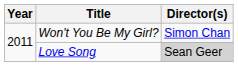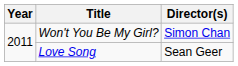 <table class="wikitable">
 <tr>
 <th>Year</th>
 <th>Title</th>
 <th>Director(s)</th>
 </tr>
 <tr>
 <td rowspan="2">2011</td>
 <td><em>Won't You Be My Girl?</em></td>
 <td><a href='#'>Simon Chan</a></td>
 </tr>
 <tr>
 <td><em><a href='#'>Love Song</a></em></td>
-<td style="background: lightgrey;">Sean Geer</td>
+<td>Sean Geer</td>
 </tr>
 </table>
